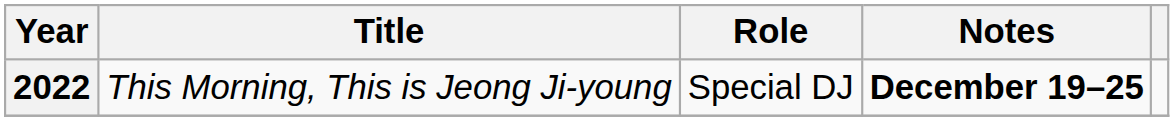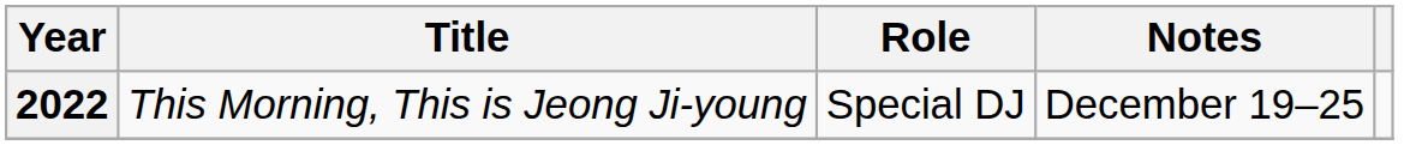 <table class="wikitable sortable plainrowheaders">
 <tr>
 <th scope="col">Year</th>
 <th scope="col">Title</th>
 <th scope="col">Role</th>
 <th scope="col">Notes</th>
 <th scope="col" class="unsortable"></th>
 </tr>
 <tr>
 <th scope="row">2022</th>
 <td><em>This Morning, This is Jeong Ji-young</em></td>
 <td>Special DJ</td>
-<td><strong>December 19–25</strong></td>
+<td>December 19–25</td>
 <td></td>
 </tr>
 <tr>
 </tr>
 </table>
